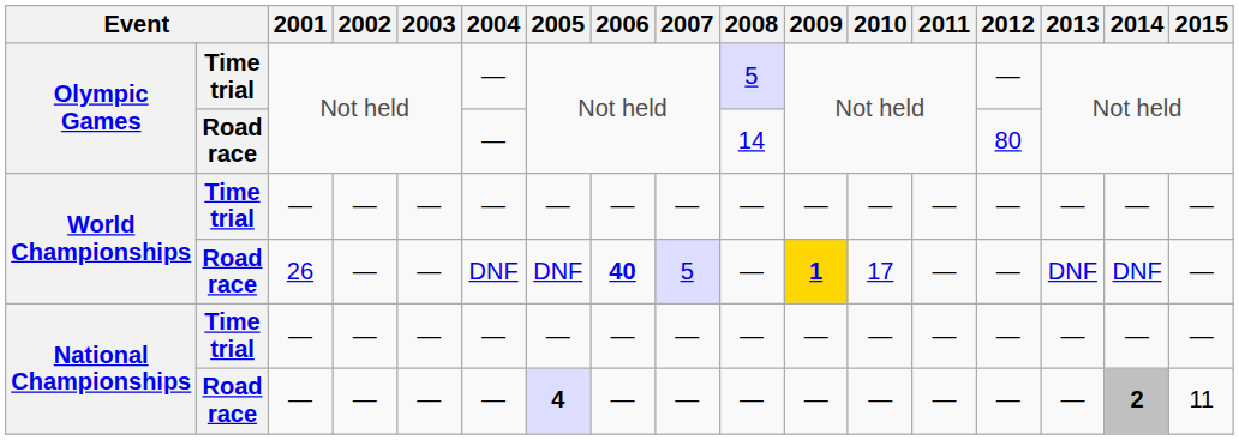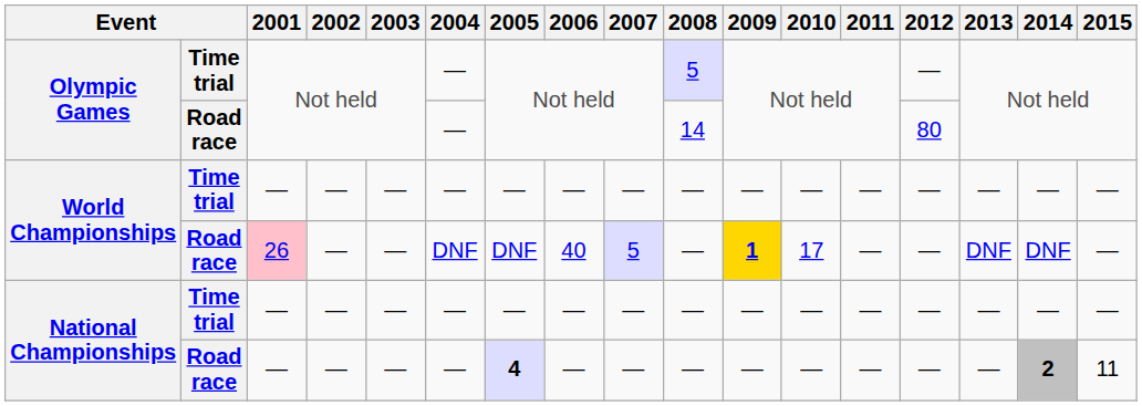 <table class="wikitable plainrowheaders">
 <tr>
 <th scope="col" colspan=2>Event</th>
 <th scope="col">2001</th>
 <th scope="col">2002</th>
 <th scope="col">2003</th>
 <th scope="col">2004</th>
 <th scope="col">2005</th>
 <th scope="col">2006</th>
 <th scope="col">2007</th>
 <th scope="col">2008</th>
 <th scope="col">2009</th>
 <th scope="col">2010</th>
 <th scope="col">2011</th>
 <th scope="col">2012</th>
 <th scope="col">2013</th>
 <th scope="col">2014</th>
 <th scope="col">2015</th>
 </tr>
 <tr style="text-align:center;">
 <th scope="row" rowspan=2> <a href='#'>Olympic Games</a></th>
 <th scope="row">Time trial</th>
 <td style="color:#4d4d4d;" colspan=3 rowspan=2>Not held</td>
 <td>—</td>
 <td style="color:#4d4d4d;" colspan=3 rowspan=2>Not held</td>
 <td style="background:#ddf;"><a href='#'>5</a></td>
 <td style="color:#4d4d4d;" colspan=3 rowspan=2>Not held</td>
 <td>—</td>
 <td style="color:#4d4d4d;" colspan=3 rowspan=2>Not held</td>
 </tr>
 <tr style="text-align:center;">
 <th scope="row">Road race</th>
 <td>—</td>
 <td><a href='#'>14</a></td>
 <td><a href='#'>80</a></td>
 </tr>
 <tr style="text-align:center;">
 <th scope="row" rowspan=2> <a href='#'>World Championships</a></th>
 <th scope="row"><a href='#'>Time trial</a></th>
 <td>—</td>
 <td>—</td>
 <td>—</td>
 <td>—</td>
 <td>—</td>
 <td>—</td>
 <td>—</td>
 <td>—</td>
 <td>—</td>
 <td>—</td>
 <td>—</td>
 <td>—</td>
 <td>—</td>
 <td>—</td>
 <td>—</td>
 </tr>
 <tr style="text-align:center;">
 <th scope="row"><a href='#'>Road race</a></th>
-<td><a href='#'>26</a></td>
+<td style="background: pink;"><a href='#'>26</a></td>
 <td>—</td>
 <td>—</td>
 <td><a href='#'>DNF</a></td>
 <td><a href='#'>DNF</a></td>
-<td><strong><a href='#'>40</a></strong></td>
+<td><a href='#'>40</a></td>
 <td style="background:#ddf;"><a href='#'>5</a></td>
 <td>—</td>
 <td style="background:gold;"><a href='#'><strong>1</strong></a></td>
 <td><a href='#'>17</a></td>
 <td>—</td>
 <td>—</td>
 <td><a href='#'>DNF</a></td>
 <td><a href='#'>DNF</a></td>
 <td>—</td>
 </tr>
 <tr style="text-align:center;">
 <th rowspan="2" scope="row"> <a href='#'>National Championships</a></th>
 <th scope="row"><a href='#'>Time trial</a></th>
 <td>—</td>
 <td>—</td>
 <td>—</td>
 <td>—</td>
 <td>—</td>
 <td>—</td>
 <td>—</td>
 <td>—</td>
 <td>—</td>
 <td>—</td>
 <td>—</td>
 <td>—</td>
 <td>—</td>
 <td>—</td>
 <td>—</td>
 </tr>
 <tr style="text-align:center;">
 <th scope="row"><a href='#'>Road race</a></th>
 <td>—</td>
 <td>—</td>
 <td>—</td>
 <td>—</td>
 <td style="background:#ddf;"><strong>4</strong></td>
 <td>—</td>
 <td>—</td>
 <td>—</td>
 <td>—</td>
 <td>—</td>
 <td>—</td>
 <td>—</td>
 <td>—</td>
 <td style="background:silver;"><strong>2</strong></td>
 <td>11</td>
 </tr>
 </table>
